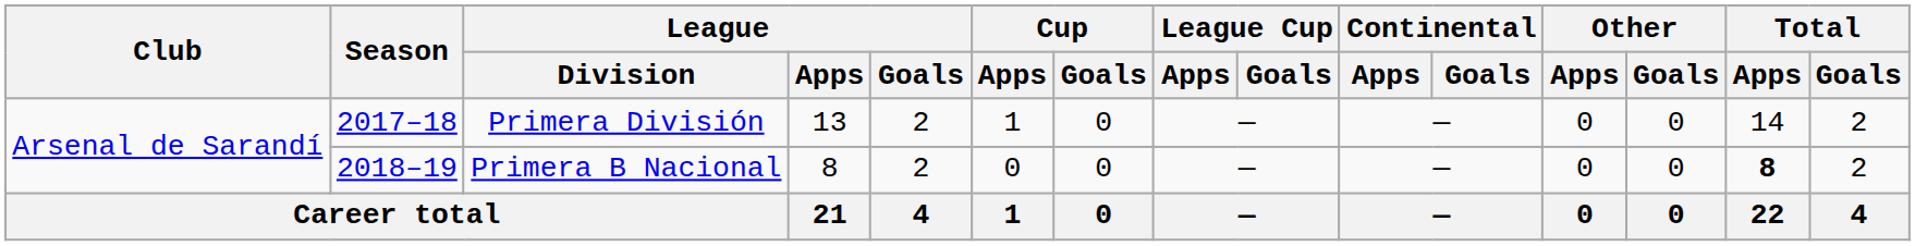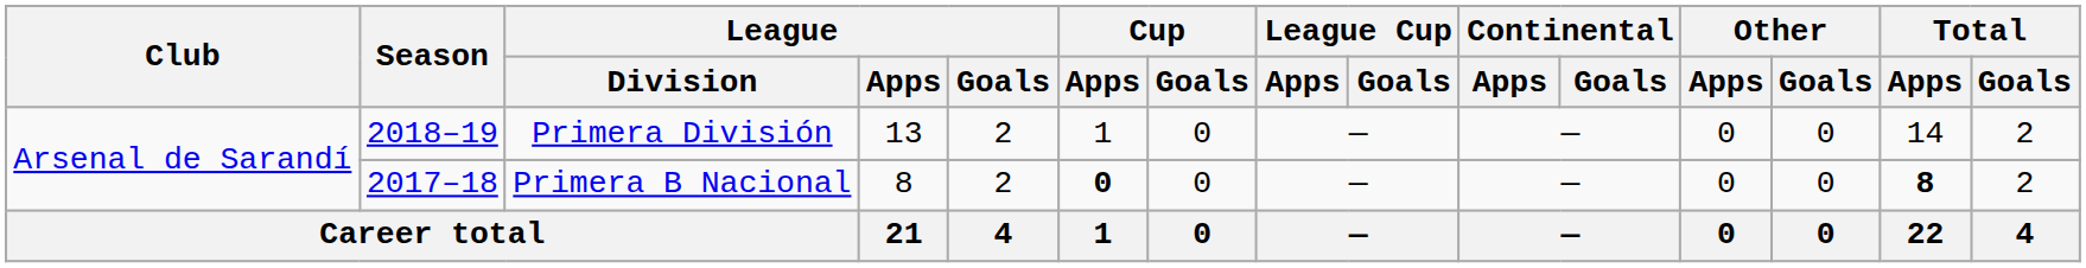 <table class="wikitable" style="text-align:center">
 <tr>
 <th rowspan="2">Club</th>
 <th rowspan="2">Season</th>
 <th colspan="3">League</th>
 <th colspan="2">Cup</th>
 <th colspan="2">League Cup</th>
 <th colspan="2">Continental</th>
 <th colspan="2">Other</th>
 <th colspan="2">Total</th>
 </tr>
 <tr>
 <th>Division</th>
 <th>Apps</th>
 <th>Goals</th>
 <th>Apps</th>
 <th>Goals</th>
 <th>Apps</th>
 <th>Goals</th>
 <th>Apps</th>
 <th>Goals</th>
 <th>Apps</th>
 <th>Goals</th>
 <th>Apps</th>
 <th>Goals</th>
 </tr>
 <tr>
 <td rowspan="2"><a href='#'>Arsenal de Sarandí</a></td>
-<td><a href='#'>2017–18</a></td>
+<td><a href='#'>2018–19</a></td>
 <td rowspan="1"><a href='#'>Primera División</a></td>
 <td>13</td>
 <td>2</td>
 <td>1</td>
 <td>0</td>
 <td colspan="2">—</td>
 <td colspan="2">—</td>
 <td>0</td>
 <td>0</td>
 <td>14</td>
 <td>2</td>
 </tr>
 <tr>
-<td><a href='#'>2018–19</a></td>
+<td><a href='#'>2017–18</a></td>
 <td rowspan="1"><a href='#'>Primera B Nacional</a></td>
 <td>8</td>
 <td>2</td>
-<td>0</td>
+<td><strong>0</strong></td>
 <td>0</td>
 <td colspan="2">—</td>
 <td colspan="2">—</td>
 <td>0</td>
 <td>0</td>
 <td><strong>8</strong></td>
 <td>2</td>
 </tr>
 <tr>
 <th colspan="3">Career total</th>
 <th>21</th>
 <th>4</th>
 <th>1</th>
 <th>0</th>
 <th colspan="2">—</th>
 <th colspan="2">—</th>
 <th>0</th>
 <th>0</th>
 <th>22</th>
 <th>4</th>
 </tr>
 </table>
